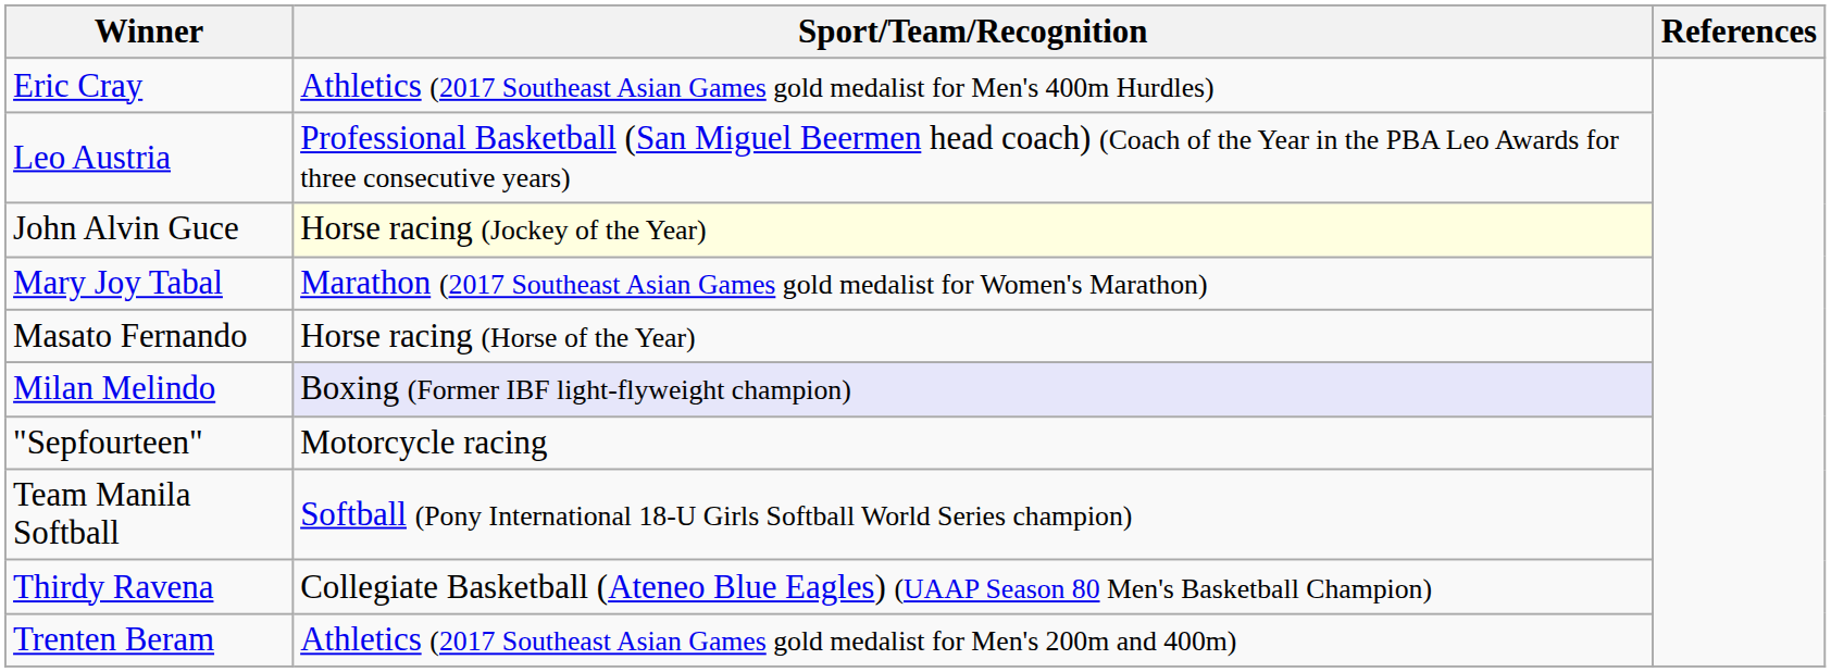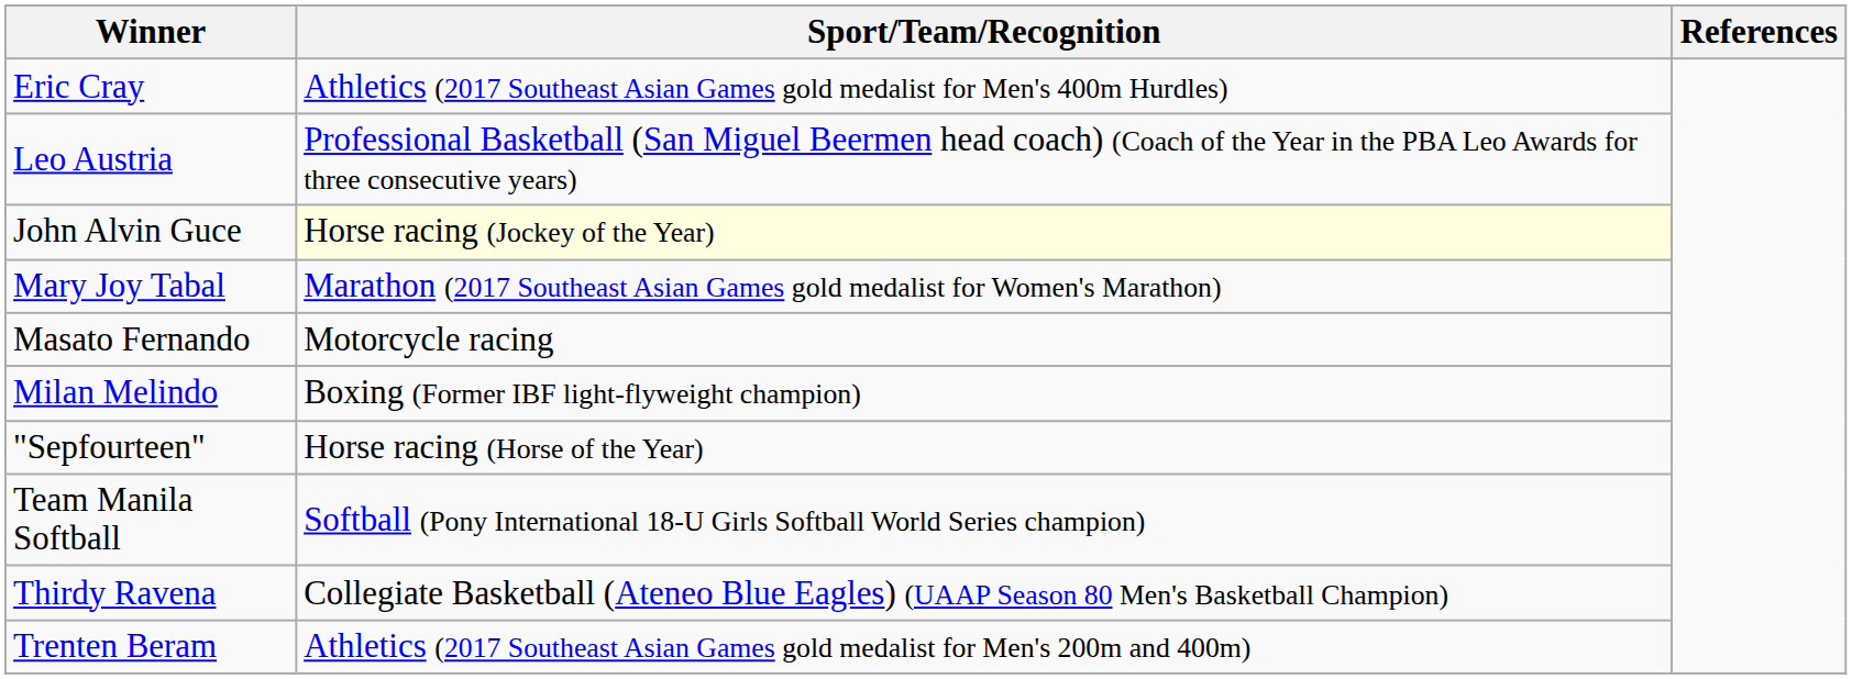 <table class="wikitable">
 <tr>
 <th>Winner</th>
 <th>Sport/Team/Recognition</th>
 <th>References</th>
 </tr>
 <tr>
 <td><a href='#'>Eric Cray</a></td>
 <td><a href='#'>Athletics</a> <small>(<a href='#'>2017 Southeast Asian Games</a> gold medalist for Men's 400m Hurdles)</small></td>
 <td rowspan=10></td>
 </tr>
 <tr>
 <td><a href='#'>Leo Austria</a></td>
 <td><a href='#'>Professional Basketball</a> (<a href='#'>San Miguel Beermen</a> head coach) <small>(Coach of the Year in the PBA Leo Awards for three consecutive years)</small></td>
 </tr>
 <tr>
 <td>John Alvin Guce</td>
 <td style="background: lightyellow;">Horse racing <small>(Jockey of the Year)</small></td>
 </tr>
 <tr>
 <td><a href='#'>Mary Joy Tabal</a></td>
 <td><a href='#'>Marathon</a> <small>(<a href='#'>2017 Southeast Asian Games</a> gold medalist for Women's Marathon)</small></td>
 </tr>
 <tr>
 <td>Masato Fernando</td>
-<td>Horse racing <small>(Horse of the Year)</small></td>
+<td>Motorcycle racing</td>
 </tr>
 <tr>
 <td><a href='#'>Milan Melindo</a></td>
-<td style="background: lavender;">Boxing <small>(Former IBF light-flyweight champion)</small></td>
+<td>Boxing <small>(Former IBF light-flyweight champion)</small></td>
 </tr>
 <tr>
 <td>"Sepfourteen"</td>
-<td>Motorcycle racing</td>
+<td>Horse racing <small>(Horse of the Year)</small></td>
 </tr>
 <tr>
 <td>Team Manila Softball</td>
 <td><a href='#'>Softball</a> <small>(Pony International 18-U Girls Softball World Series champion)</small></td>
 </tr>
 <tr>
 <td><a href='#'>Thirdy Ravena</a></td>
 <td>Collegiate Basketball (<a href='#'>Ateneo Blue Eagles</a>) <small>(<a href='#'>UAAP Season 80</a> Men's Basketball Champion)</small></td>
 </tr>
 <tr>
 <td><a href='#'>Trenten Beram</a></td>
 <td><a href='#'>Athletics</a> <small>(<a href='#'>2017 Southeast Asian Games</a> gold medalist for Men's 200m and 400m)</small></td>
 </tr>
 </table>
